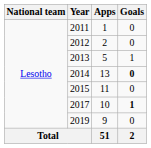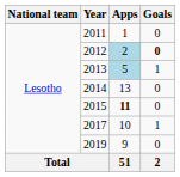 <table class="wikitable" style="text-align:center">
 <tr>
 <th>National team</th>
 <th>Year</th>
 <th>Apps</th>
 <th>Goals</th>
 </tr>
 <tr>
 <td rowspan="7"><a href='#'>Lesotho</a></td>
 <td>2011</td>
 <td>1</td>
 <td>0</td>
 </tr>
 <tr>
 <td>2012</td>
-<td>2</td>
-<td>0</td>
+<td style="background: lightblue;">2</td>
+<td><strong>0</strong></td>
 </tr>
 <tr>
 <td>2013</td>
-<td>5</td>
+<td style="background: lightblue;">5</td>
 <td>1</td>
 </tr>
 <tr>
 <td>2014</td>
 <td>13</td>
-<td><strong>0</strong></td>
+<td>0</td>
 </tr>
 <tr>
 <td>2015</td>
-<td>11</td>
+<td><strong>11</strong></td>
 <td>0</td>
 </tr>
 <tr>
 <td>2017</td>
 <td>10</td>
-<td><strong>1</strong></td>
+<td>1</td>
 </tr>
 <tr>
 <td>2019</td>
 <td>9</td>
 <td>0</td>
 </tr>
 <tr>
 <th colspan="2">Total</th>
 <th>51</th>
 <th>2</th>
 </tr>
 </table>
